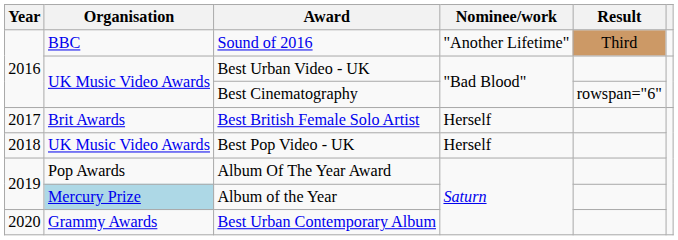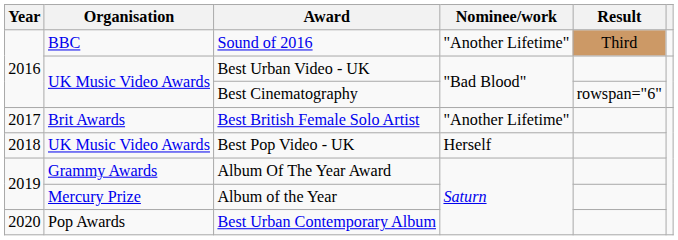 <table class="wikitable">
 <tr>
 <th>Year</th>
 <th>Organisation</th>
 <th>Award</th>
 <th>Nominee/work</th>
 <th>Result</th>
 <th></th>
 </tr>
 <tr>
 <td rowspan="3">2016</td>
 <td><a href='#'>BBC</a></td>
 <td><a href='#'>Sound of 2016</a></td>
 <td>"Another Lifetime"</td>
 <td style="background:#c96; text-align:center;">Third</td>
 <td style="text-align:center;"></td>
 </tr>
 <tr>
 <td rowspan="2"><a href='#'>UK Music Video Awards</a></td>
 <td>Best Urban Video - UK</td>
 <td rowspan="2">"Bad Blood"</td>
 <td></td>
 <td style="text-align:center;" rowspan="2"></td>
 </tr>
 <tr>
 <td>Best Cinematography</td>
 <td>rowspan="6" </td>
 </tr>
 <tr>
 <td>2017</td>
 <td><a href='#'>Brit Awards</a></td>
 <td><a href='#'>Best British Female Solo Artist</a></td>
-<td>Herself</td>
+<td>"Another Lifetime"</td>
 <td style="text-align:center;"></td>
 </tr>
 <tr>
 <td>2018</td>
 <td><a href='#'>UK Music Video Awards</a></td>
 <td>Best Pop Video - UK</td>
 <td>Herself</td>
 <td style="text-align:center;"></td>
 </tr>
 <tr>
 <td rowspan="2">2019</td>
-<td>Pop Awards</td>
+<td><a href='#'>Grammy Awards</a></td>
 <td>Album Of The Year Award</td>
 <td rowspan="3"><em><a href='#'>Saturn</a></em></td>
 <td style="text-align:center;"></td>
 </tr>
 <tr>
-<td style="background: lightblue;"><a href='#'>Mercury Prize</a></td>
+<td><a href='#'>Mercury Prize</a></td>
 <td>Album of the Year</td>
 <td></td>
 </tr>
 <tr>
 <td>2020</td>
-<td><a href='#'>Grammy Awards</a></td>
+<td>Pop Awards</td>
 <td><a href='#'>Best Urban Contemporary Album</a></td>
 <td></td>
 </tr>
 </table>
